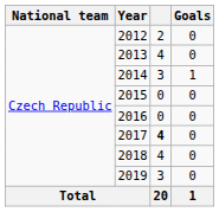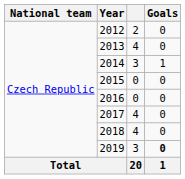 <table class="wikitable" style="text-align:center">
 <tr>
 <th>National team</th>
 <th>Year</th>
 <th></th>
 <th>Goals</th>
 </tr>
 <tr>
 <td rowspan="8"><a href='#'>Czech Republic</a></td>
 <td>2012</td>
 <td>2</td>
 <td>0</td>
 </tr>
 <tr>
 <td>2013</td>
 <td>4</td>
 <td>0</td>
 </tr>
 <tr>
 <td>2014</td>
 <td>3</td>
 <td>1</td>
 </tr>
 <tr>
 <td>2015</td>
 <td>0</td>
 <td>0</td>
 </tr>
 <tr>
 <td>2016</td>
 <td>0</td>
 <td>0</td>
 </tr>
 <tr>
 <td>2017</td>
-<td><strong>4</strong></td>
+<td>4</td>
 <td>0</td>
 </tr>
 <tr>
 <td>2018</td>
 <td>4</td>
 <td>0</td>
 </tr>
 <tr>
 <td>2019</td>
 <td>3</td>
-<td>0</td>
+<td><strong>0</strong></td>
 </tr>
 <tr>
 <th colspan="2">Total</th>
 <th>20</th>
 <th>1</th>
 </tr>
 </table>
